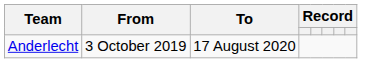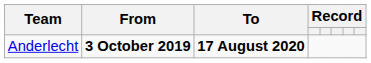 <table class=wikitable style=text-align:center>
 <tr>
 <th rowspan=2>Team</th>
 <th rowspan=2>From</th>
 <th rowspan=2>To</th>
 <th colspan=5>Record</th>
 </tr>
 <tr>
 <th></th>
 <th></th>
 <th></th>
 <th></th>
 <th></th>
 </tr>
 <tr>
 <td align=left><a href='#'>Anderlecht</a></td>
-<td align=left>3 October 2019</td>
-<td align=left>17 August 2020<br></td>
+<td align=left><strong>3 October 2019</strong></td>
+<td align=left><strong>17 August 2020<br></strong></td>
 </tr>
 </table>
